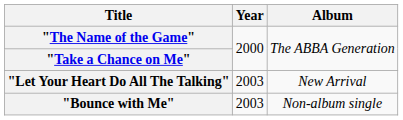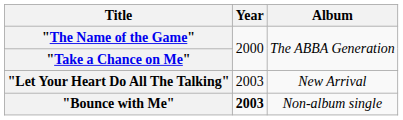 <table class="wikitable plainrowheaders" style="text-align:center;">
 <tr>
 <th scope="col">Title</th>
 <th scope="col">Year</th>
 <th scope="col">Album</th>
 </tr>
 <tr>
 <th scope = "row">"<a href='#'>The Name of the Game</a>"</th>
 <td rowspan = "2">2000</td>
 <td rowspan = "2"><em>The ABBA Generation</em></td>
 </tr>
 <tr>
 <th scope = "row">"<a href='#'>Take a Chance on Me</a>"</th>
 </tr>
 <tr>
 <th scope = "row">"Let Your Heart Do All The Talking"</th>
 <td rowspan = "1">2003</td>
 <td rowspan = "1"><em>New Arrival</em></td>
 </tr>
 <tr>
 <th scope = "row">"Bounce with Me"</th>
-<td rowspan = "1">2003</td>
+<td rowspan = "1"><strong>2003</strong></td>
 <td rowspan = "1"><em>Non-album single</em></td>
 </tr>
 </table>
